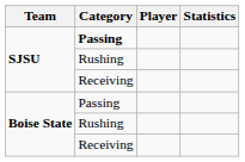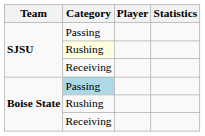 <table class="wikitable" style="float: right;">
 <tr>
 <th>Team</th>
 <th>Category</th>
 <th>Player</th>
 <th>Statistics</th>
 </tr>
 <tr>
 <td rowspan=3><strong>SJSU</strong></td>
-<td><strong>Passing</strong></td>
+<td>Passing</td>
 <td></td>
 <td></td>
 </tr>
 <tr>
-<td>Rushing</td>
+<td style="background: lightyellow;">Rushing</td>
 <td></td>
 <td></td>
 </tr>
 <tr>
 <td>Receiving</td>
 <td></td>
 <td></td>
 </tr>
 <tr>
 <td rowspan=3><strong>Boise State</strong></td>
-<td>Passing</td>
+<td style="background: lightblue;">Passing</td>
 <td></td>
 <td></td>
 </tr>
 <tr>
 <td>Rushing</td>
 <td></td>
 <td></td>
 </tr>
 <tr>
 <td>Receiving</td>
 <td></td>
 <td></td>
 </tr>
 </table>
